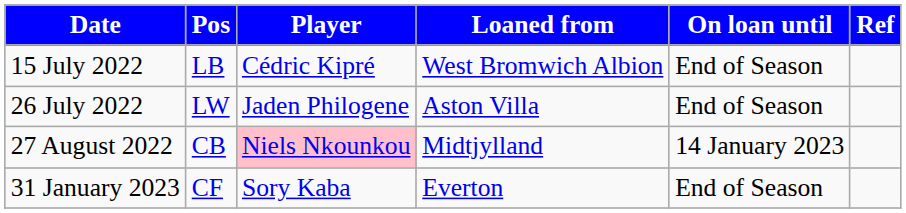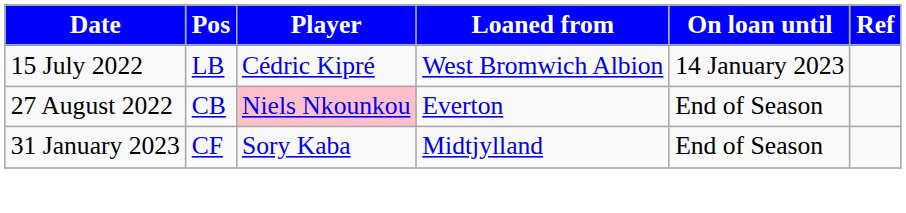 <table class="wikitable plainrowheaders sortable">
 <tr>
 <th style="background:#0000FF; color:#FFFFFF; ">Date</th>
 <th style="background:#0000FF; color:#FFFFFF; ">Pos</th>
 <th style="background:#0000FF; color:#FFFFFF; ">Player</th>
 <th style="background:#0000FF; color:#FFFFFF; ">Loaned from</th>
 <th style="background:#0000FF; color:#FFFFFF; ">On loan until</th>
 <th style="background:#0000FF; color:#FFFFFF; ">Ref</th>
 </tr>
 <tr>
 <td>15 July 2022</td>
 <td><a href='#'>LB</a></td>
 <td> <a href='#'>Cédric Kipré</a></td>
 <td> <a href='#'>West Bromwich Albion</a></td>
-<td>End of Season</td>
-<td></td>
-</tr>
-<tr>
-<td>26 July 2022</td>
-<td><a href='#'>LW</a></td>
-<td> <a href='#'>Jaden Philogene</a></td>
-<td> <a href='#'>Aston Villa</a></td>
-<td>End of Season</td>
+<td>14 January 2023</td>
 <td></td>
 </tr>
 <tr>
 <td>27 August 2022</td>
 <td><a href='#'>CB</a></td>
 <td style="background: pink;"> <a href='#'>Niels Nkounkou</a></td>
-<td> <a href='#'>Midtjylland</a></td>
-<td>14 January 2023</td>
+<td> <a href='#'>Everton</a></td>
+<td>End of Season</td>
 <td></td>
 </tr>
 <tr>
 <td>31 January 2023</td>
 <td><a href='#'>CF</a></td>
 <td> <a href='#'>Sory Kaba</a></td>
-<td> <a href='#'>Everton</a></td>
+<td> <a href='#'>Midtjylland</a></td>
 <td>End of Season</td>
 <td></td>
 </tr>
 </table>
